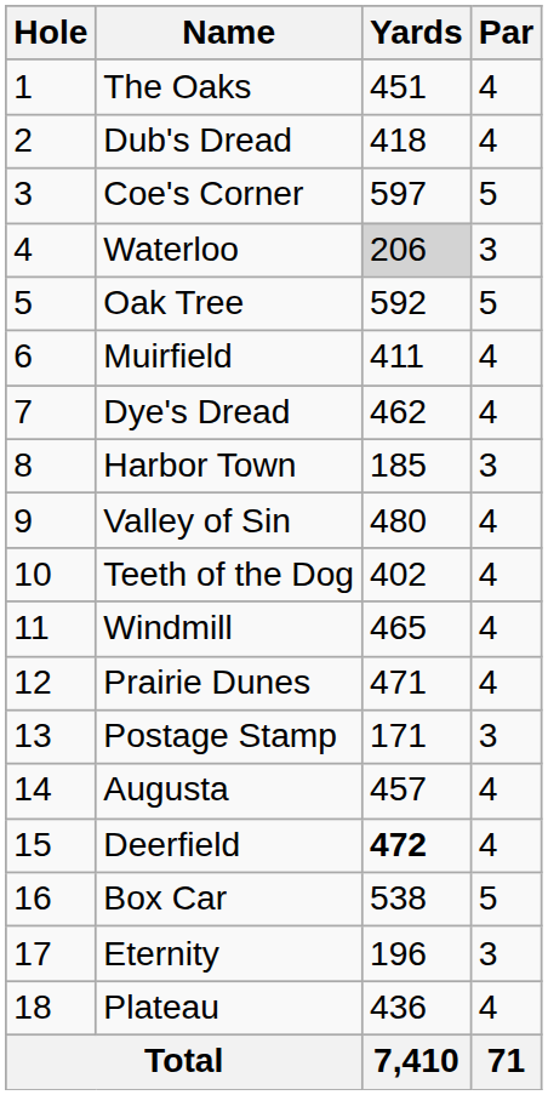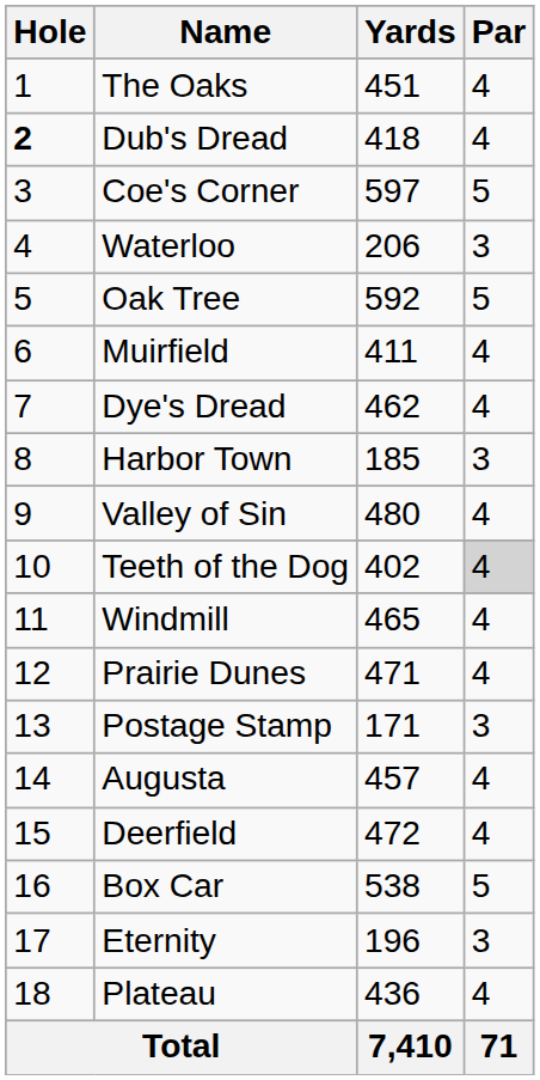 <table class="wikitable">
 <tr>
 <th>Hole</th>
 <th>Name</th>
 <th>Yards</th>
 <th>Par</th>
 </tr>
 <tr>
 <td>1</td>
 <td>The Oaks</td>
 <td>451</td>
 <td>4</td>
 </tr>
 <tr>
-<td>2</td>
+<td><strong>2</strong></td>
 <td>Dub's Dread</td>
 <td>418</td>
 <td>4</td>
 </tr>
 <tr>
 <td>3</td>
 <td>Coe's Corner</td>
 <td>597</td>
 <td>5</td>
 </tr>
 <tr>
 <td>4</td>
 <td>Waterloo</td>
-<td style="background: lightgrey;">206</td>
+<td>206</td>
 <td>3</td>
 </tr>
 <tr>
 <td>5</td>
 <td>Oak Tree</td>
 <td>592</td>
 <td>5</td>
 </tr>
 <tr>
 <td>6</td>
 <td>Muirfield</td>
 <td>411</td>
 <td>4</td>
 </tr>
 <tr>
 <td>7</td>
 <td>Dye's Dread</td>
 <td>462</td>
 <td>4</td>
 </tr>
 <tr>
 <td>8</td>
 <td>Harbor Town</td>
 <td>185</td>
 <td>3</td>
 </tr>
 <tr>
 <td>9</td>
 <td>Valley of Sin</td>
 <td>480</td>
 <td>4</td>
 </tr>
 <tr>
 <td>10</td>
 <td>Teeth of the Dog</td>
 <td>402</td>
-<td>4</td>
+<td style="background: lightgrey;">4</td>
 </tr>
 <tr>
 <td>11</td>
 <td>Windmill</td>
 <td>465</td>
 <td>4</td>
 </tr>
 <tr>
 <td>12</td>
 <td>Prairie Dunes</td>
 <td>471</td>
 <td>4</td>
 </tr>
 <tr>
 <td>13</td>
 <td>Postage Stamp</td>
 <td>171</td>
 <td>3</td>
 </tr>
 <tr>
 <td>14</td>
 <td>Augusta</td>
 <td>457</td>
 <td>4</td>
 </tr>
 <tr>
 <td>15</td>
 <td>Deerfield</td>
-<td><strong>472</strong></td>
+<td>472</td>
 <td>4</td>
 </tr>
 <tr>
 <td>16</td>
 <td>Box Car</td>
 <td>538</td>
 <td>5</td>
 </tr>
 <tr>
 <td>17</td>
 <td>Eternity</td>
 <td>196</td>
 <td>3</td>
 </tr>
 <tr>
 <td>18</td>
 <td>Plateau</td>
 <td>436</td>
 <td>4</td>
 </tr>
 <tr>
 <th colspan="2">Total</th>
 <th>7,410</th>
 <th>71</th>
 </tr>
 </table>
